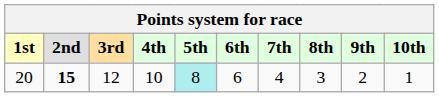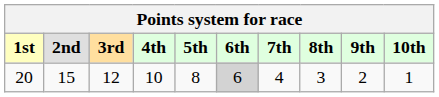 <table class="wikitable" style="font-size: 85%; text-align: center">
 <tr>
 <th colspan=19>Points system for race</th>
 </tr>
 <tr>
 <td style="background:#ffffbf;"> <strong>1st</strong> </td>
 <td style="background:#dfdfdf;"> <strong>2nd</strong> </td>
 <td style="background:#ffdf9f;"> <strong>3rd</strong> </td>
 <td style="background:#dfffdf;"> <strong>4th</strong> </td>
 <td style="background:#dfffdf;"> <strong>5th</strong> </td>
 <td style="background:#dfffdf;"> <strong>6th</strong> </td>
 <td style="background:#dfffdf;"> <strong>7th</strong> </td>
 <td style="background:#dfffdf;"> <strong>8th</strong> </td>
 <td style="background:#dfffdf;"> <strong>9th</strong> </td>
 <td style="background:#dfffdf;"> <strong>10th</strong> </td>
 </tr>
 <tr>
 <td>20</td>
-<td><strong>15</strong></td>
+<td>15</td>
 <td>12</td>
 <td>10</td>
-<td style="background: paleturquoise;">8</td>
-<td>6</td>
+<td>8</td>
+<td style="background: lightgrey;">6</td>
 <td>4</td>
 <td>3</td>
 <td>2</td>
 <td>1</td>
 </tr>
 </table>
